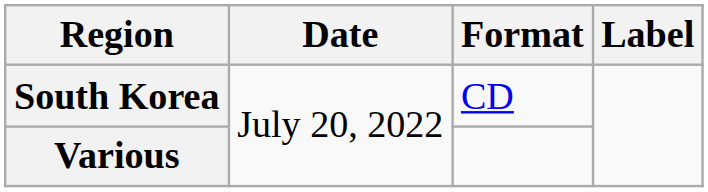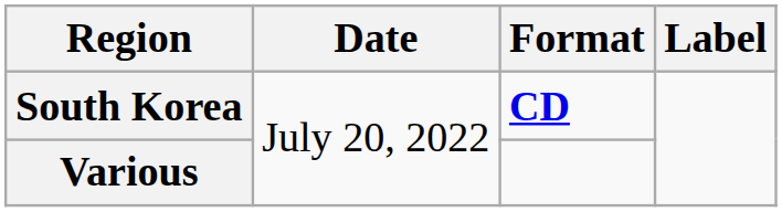 <table class="wikitable plainrowheaders">
 <tr>
 <th scope="col">Region</th>
 <th scope="col">Date</th>
 <th scope="col">Format</th>
 <th scope="col">Label</th>
 </tr>
 <tr>
 <th scope="row">South Korea</th>
 <td rowspan="2">July 20, 2022</td>
-<td><a href='#'>CD</a></td>
+<td><strong><a href='#'>CD</a></strong></td>
 <td rowspan="2"></td>
 </tr>
 <tr>
 <th scope="row">Various</th>
 <td></td>
 </tr>
 </table>
